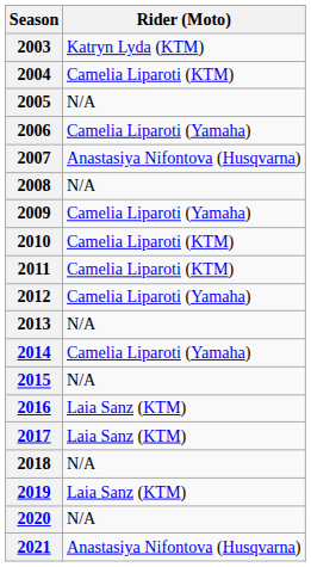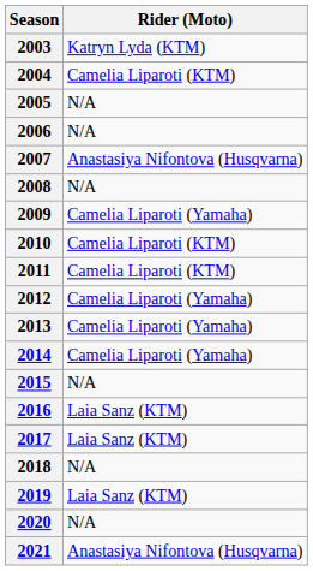 <table class="wikitable" style="font-size:90%;">
 <tr>
 <th>Season</th>
 <th>Rider (Moto)</th>
 </tr>
 <tr>
 <th>2003</th>
 <td> <a href='#'>Katryn Lyda</a> (<a href='#'>KTM</a>)</td>
 </tr>
 <tr>
 <th>2004</th>
 <td> <a href='#'>Camelia Liparoti</a> (<a href='#'>KTM</a>)</td>
 </tr>
 <tr>
 <th>2005</th>
 <td>N/A</td>
 </tr>
 <tr>
 <th>2006</th>
-<td> <a href='#'>Camelia Liparoti</a> (<a href='#'>Yamaha</a>)</td>
+<td>N/A</td>
 </tr>
 <tr>
 <th>2007</th>
 <td> <a href='#'>Anastasiya Nifontova</a> (<a href='#'>Husqvarna</a>)</td>
 </tr>
 <tr>
 <th>2008</th>
 <td>N/A</td>
 </tr>
 <tr>
 <th>2009</th>
 <td> <a href='#'>Camelia Liparoti</a> (<a href='#'>Yamaha</a>)</td>
 </tr>
 <tr>
 <th>2010</th>
 <td> <a href='#'>Camelia Liparoti</a> (<a href='#'>KTM</a>)</td>
 </tr>
 <tr>
 <th>2011</th>
 <td> <a href='#'>Camelia Liparoti</a> (<a href='#'>KTM</a>)</td>
 </tr>
 <tr>
 <th>2012</th>
 <td> <a href='#'>Camelia Liparoti</a> (<a href='#'>Yamaha</a>)</td>
 </tr>
 <tr>
 <th>2013</th>
-<td>N/A</td>
+<td> <a href='#'>Camelia Liparoti</a> (<a href='#'>Yamaha</a>)</td>
 </tr>
 <tr>
 <th><a href='#'>2014</a></th>
 <td> <a href='#'>Camelia Liparoti</a> (<a href='#'>Yamaha</a>)</td>
 </tr>
 <tr>
 <th><a href='#'>2015</a></th>
 <td>N/A</td>
 </tr>
 <tr>
 <th><a href='#'>2016</a></th>
 <td> <a href='#'>Laia Sanz</a> (<a href='#'>KTM</a>)</td>
 </tr>
 <tr>
 <th><a href='#'>2017</a></th>
 <td> <a href='#'>Laia Sanz</a> (<a href='#'>KTM</a>)</td>
 </tr>
 <tr>
 <th>2018</th>
 <td>N/A</td>
 </tr>
 <tr>
 <th><a href='#'>2019</a></th>
 <td> <a href='#'>Laia Sanz</a> (<a href='#'>KTM</a>)</td>
 </tr>
 <tr>
 <th><a href='#'>2020</a></th>
 <td>N/A</td>
 </tr>
 <tr>
 <th><a href='#'>2021</a></th>
 <td> <a href='#'>Anastasiya Nifontova</a> (<a href='#'>Husqvarna</a>)</td>
 </tr>
 </table>
